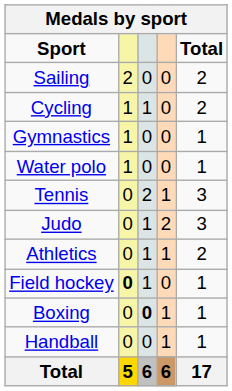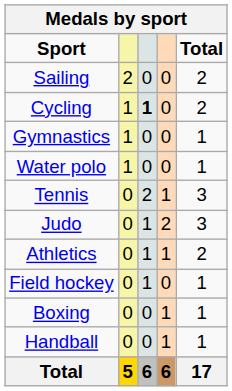 <table class="wikitable" style="font-size:85%; float:right;">
 <tr style="background:#efefef;">
 <th colspan=7>Medals by sport</th>
 </tr>
 <tr align=center>
 <td><strong>Sport</strong></td>
 <td style="background:#f7f6a8;"></td>
 <td style="background:#dce5e5;"></td>
 <td style="background:#ffdab9;"></td>
 <td><strong>Total</strong></td>
 </tr>
 <tr align=center>
 <td><a href='#'>Sailing</a></td>
 <td style="background:#f7f6a8;">2</td>
 <td style="background:#dce5e5;">0</td>
 <td style="background:#ffdab9;">0</td>
 <td>2</td>
 </tr>
 <tr align=center>
 <td><a href='#'>Cycling</a></td>
 <td style="background:#f7f6a8;">1</td>
-<td style="background:#dce5e5;">1</td>
+<td style="background:#dce5e5;"><strong>1</strong></td>
 <td style="background:#ffdab9;">0</td>
 <td>2</td>
 </tr>
 <tr align=center>
 <td><a href='#'>Gymnastics</a></td>
 <td style="background:#f7f6a8;">1</td>
 <td style="background:#dce5e5;">0</td>
 <td style="background:#ffdab9;">0</td>
 <td>1</td>
 </tr>
 <tr align=center>
 <td><a href='#'>Water polo</a></td>
 <td style="background:#f7f6a8;">1</td>
 <td style="background:#dce5e5;">0</td>
 <td style="background:#ffdab9;">0</td>
 <td>1</td>
 </tr>
 <tr align=center>
 <td><a href='#'>Tennis</a></td>
 <td style="background:#f7f6a8;">0</td>
 <td style="background:#dce5e5;">2</td>
 <td style="background:#ffdab9;">1</td>
 <td>3</td>
 </tr>
 <tr align=center>
 <td><a href='#'>Judo</a></td>
 <td style="background:#f7f6a8;">0</td>
 <td style="background:#dce5e5;">1</td>
 <td style="background:#ffdab9;">2</td>
 <td>3</td>
 </tr>
 <tr align=center>
 <td><a href='#'>Athletics</a></td>
 <td style="background:#f7f6a8;">0</td>
 <td style="background:#dce5e5;">1</td>
 <td style="background:#ffdab9;">1</td>
 <td>2</td>
 </tr>
 <tr align=center>
 <td><a href='#'>Field hockey</a></td>
-<td style="background:#f7f6a8;"><strong>0</strong></td>
+<td style="background:#f7f6a8;">0</td>
 <td style="background:#dce5e5;">1</td>
 <td style="background:#ffdab9;">0</td>
 <td>1</td>
 </tr>
 <tr align=center>
 <td><a href='#'>Boxing</a></td>
 <td style="background:#f7f6a8;">0</td>
-<td style="background:#dce5e5;"><strong>0</strong></td>
+<td style="background:#dce5e5;">0</td>
 <td style="background:#ffdab9;">1</td>
 <td>1</td>
 </tr>
 <tr align=center>
 <td><a href='#'>Handball</a></td>
 <td style="background:#f7f6a8;">0</td>
 <td style="background:#dce5e5;">0</td>
 <td style="background:#ffdab9;">1</td>
 <td>1</td>
 </tr>
 <tr align=center>
 <th>Total</th>
 <th style="background:gold;">5</th>
 <th style="background:silver;">6</th>
 <th style="background:#c96;">6</th>
 <th>17</th>
 </tr>
 </table>
